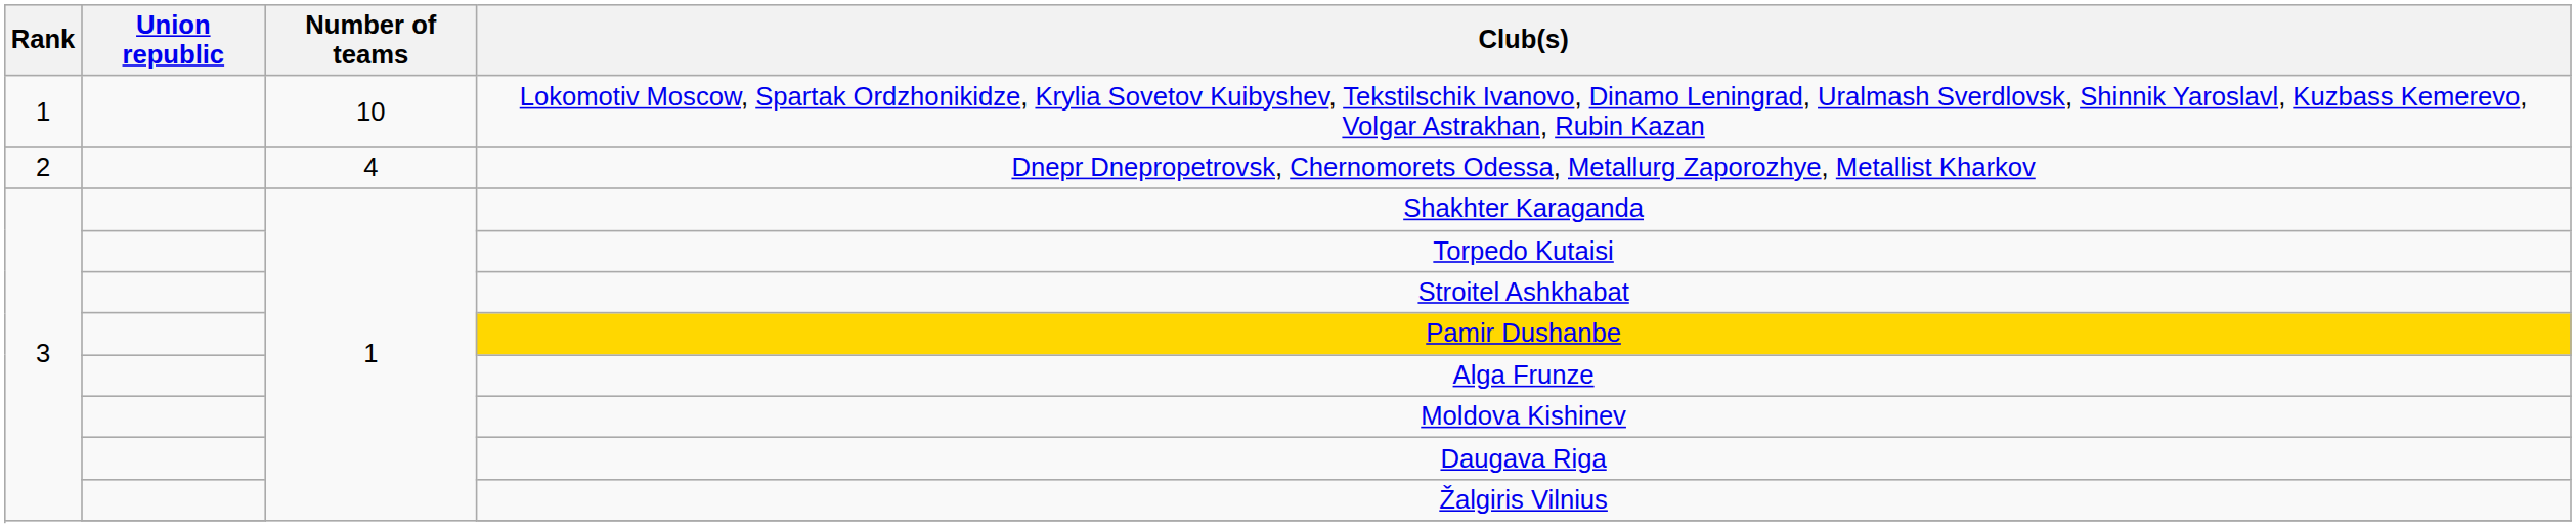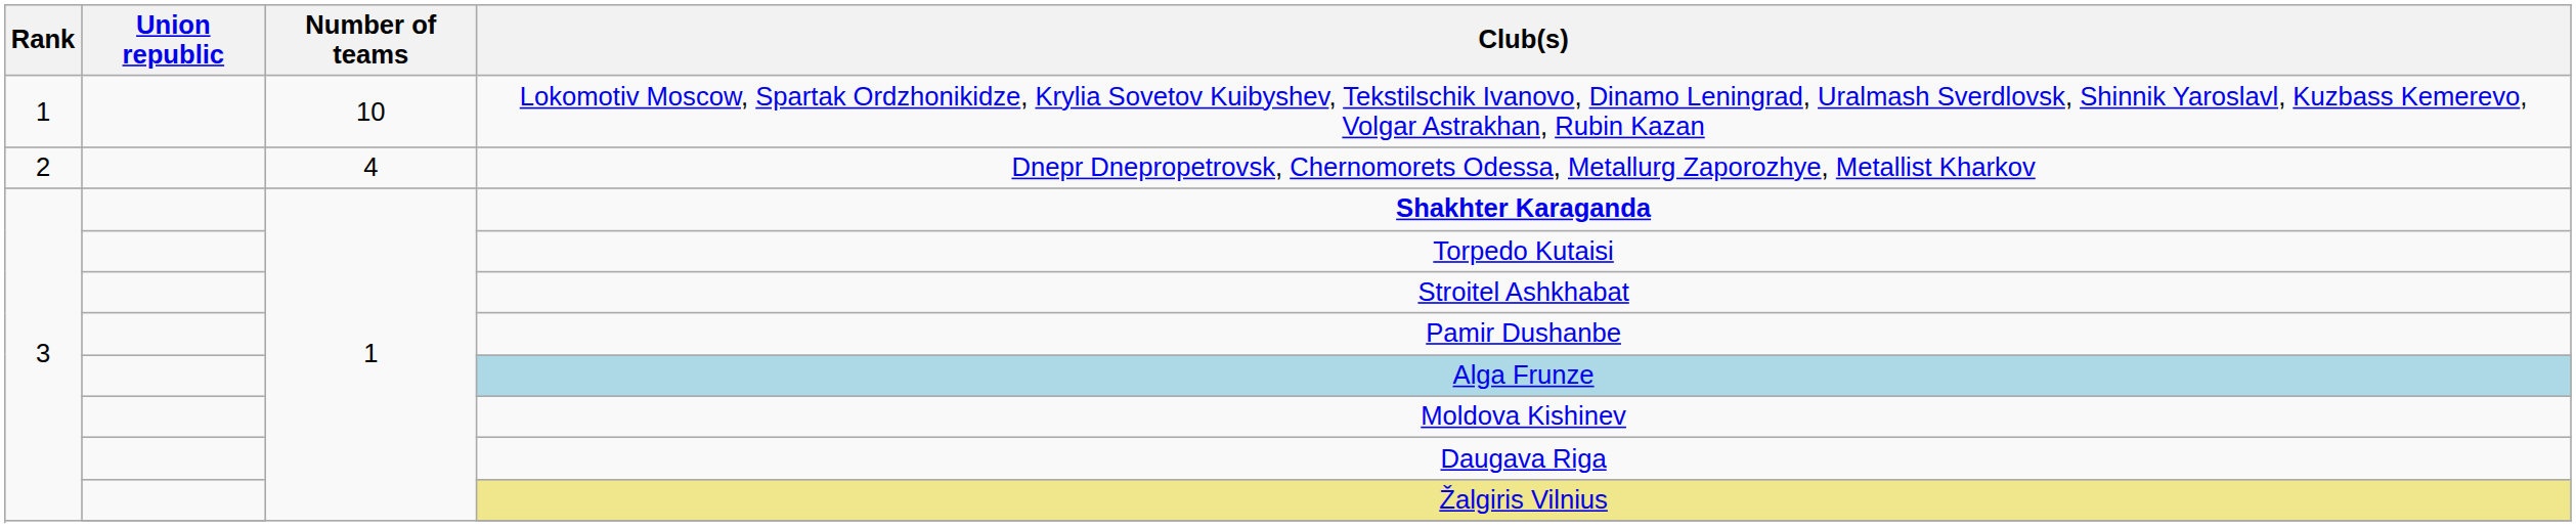 <table class="wikitable">
 <tr>
 <th>Rank</th>
 <th><a href='#'>Union republic</a></th>
 <th>Number of teams</th>
 <th>Club(s)</th>
 </tr>
 <tr>
 <td align="center">1</td>
 <td></td>
 <td align="center">10</td>
 <td align="center"><a href='#'>Lokomotiv Moscow</a>, <a href='#'>Spartak Ordzhonikidze</a>, <a href='#'>Krylia Sovetov Kuibyshev</a>, <a href='#'>Tekstilschik Ivanovo</a>, <a href='#'>Dinamo Leningrad</a>, <a href='#'>Uralmash Sverdlovsk</a>, <a href='#'>Shinnik Yaroslavl</a>, <a href='#'>Kuzbass Kemerevo</a>, <a href='#'>Volgar Astrakhan</a>, <a href='#'>Rubin Kazan</a></td>
 </tr>
 <tr>
 <td align="center">2</td>
 <td></td>
 <td align="center">4</td>
 <td align="center"><a href='#'>Dnepr Dnepropetrovsk</a>, <a href='#'>Chernomorets Odessa</a>, <a href='#'>Metallurg Zaporozhye</a>, <a href='#'>Metallist Kharkov</a></td>
 </tr>
 <tr>
 <td align="center" rowspan=10>3</td>
 <td></td>
 <td align="center" rowspan=10>1</td>
-<td align="center"><a href='#'>Shakhter Karaganda</a></td>
+<td align="center"><strong><a href='#'>Shakhter Karaganda</a></strong></td>
 </tr>
 <tr>
 <td></td>
 <td align="center"><a href='#'>Torpedo Kutaisi</a></td>
 </tr>
 <tr>
 <td></td>
 <td align="center"><a href='#'>Stroitel Ashkhabat</a></td>
 </tr>
 <tr>
 <td></td>
-<td align="center" style="background: gold;"><a href='#'>Pamir Dushanbe</a></td>
+<td align="center"><a href='#'>Pamir Dushanbe</a></td>
 </tr>
 <tr>
 <td></td>
-<td align="center"><a href='#'>Alga Frunze</a></td>
+<td align="center" style="background: lightblue;"><a href='#'>Alga Frunze</a></td>
 </tr>
 <tr>
 <td></td>
 <td align="center"><a href='#'>Moldova Kishinev</a></td>
 </tr>
 <tr>
 <td></td>
 <td align="center"><a href='#'>Daugava Riga</a></td>
 </tr>
 <tr>
 <td></td>
-<td align="center"><a href='#'>Žalgiris Vilnius</a></td>
+<td align="center" style="background: khaki;"><a href='#'>Žalgiris Vilnius</a></td>
 </tr>
 <tr>
 </tr>
 </table>
